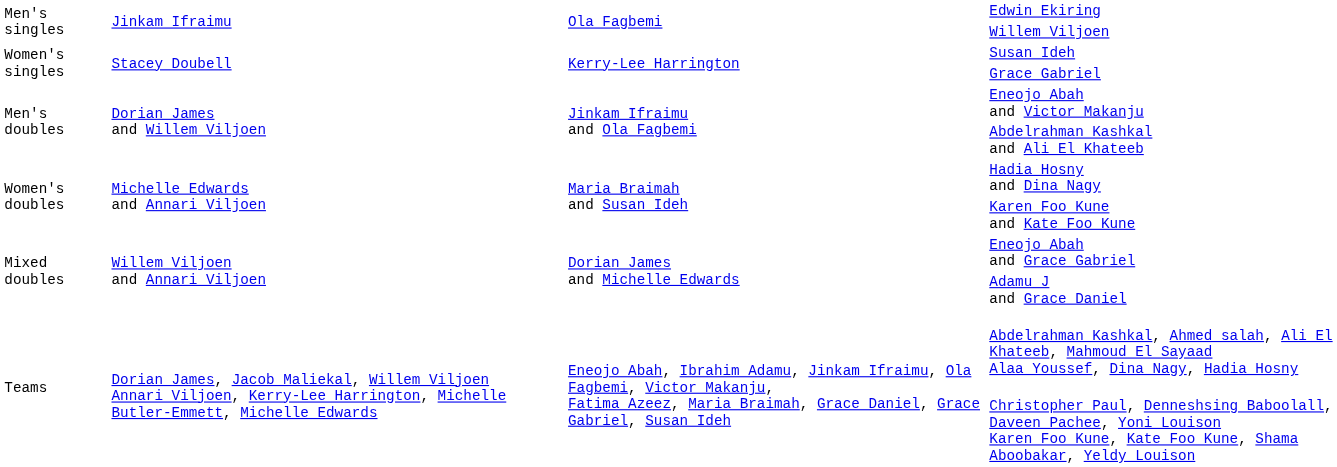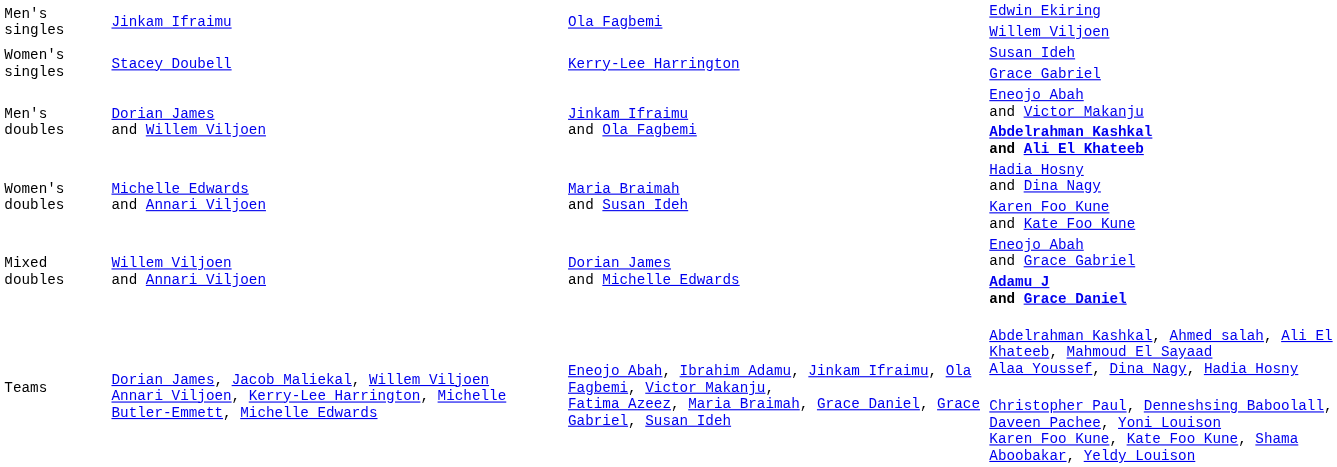 <table>
 <tr>
 <td rowspan=2>Men's singles</td>
 <td rowspan=2> <a href='#'>Jinkam Ifraimu</a></td>
 <td rowspan=2> <a href='#'>Ola Fagbemi</a></td>
 <td> <a href='#'>Edwin Ekiring</a></td>
 </tr>
 <tr>
 <td> <a href='#'>Willem Viljoen</a></td>
 </tr>
 <tr>
 <td rowspan=2>Women's singles</td>
 <td rowspan=2> <a href='#'>Stacey Doubell</a></td>
 <td rowspan=2> <a href='#'>Kerry-Lee Harrington</a></td>
 <td> <a href='#'>Susan Ideh</a></td>
 </tr>
 <tr>
 <td> <a href='#'>Grace Gabriel</a></td>
 </tr>
 <tr>
 <td rowspan=2>Men's doubles</td>
 <td rowspan=2> <a href='#'>Dorian James</a><br>and <a href='#'>Willem Viljoen</a></td>
 <td rowspan=2> <a href='#'>Jinkam Ifraimu</a><br>and <a href='#'>Ola Fagbemi</a></td>
 <td> <a href='#'>Eneojo Abah</a><br>and <a href='#'>Victor Makanju</a></td>
 </tr>
 <tr>
-<td> <a href='#'>Abdelrahman Kashkal</a><br>and <a href='#'>Ali El Khateeb</a></td>
+<td><strong> <a href='#'>Abdelrahman Kashkal</a><br>and <a href='#'>Ali El Khateeb</a></strong></td>
 </tr>
 <tr>
 <td rowspan=2>Women's doubles</td>
 <td rowspan=2> <a href='#'>Michelle Edwards</a><br>and <a href='#'>Annari Viljoen</a></td>
 <td rowspan=2> <a href='#'>Maria Braimah</a><br>and <a href='#'>Susan Ideh</a></td>
 <td> <a href='#'>Hadia Hosny</a><br>and <a href='#'>Dina Nagy</a></td>
 </tr>
 <tr>
 <td> <a href='#'>Karen Foo Kune</a><br>and <a href='#'>Kate Foo Kune</a></td>
 </tr>
 <tr>
 <td rowspan=2>Mixed doubles</td>
 <td rowspan=2> <a href='#'>Willem Viljoen</a><br>and <a href='#'>Annari Viljoen</a></td>
 <td rowspan=2> <a href='#'>Dorian James</a><br>and <a href='#'>Michelle Edwards</a></td>
 <td> <a href='#'>Eneojo Abah</a><br>and <a href='#'>Grace Gabriel</a></td>
 </tr>
 <tr>
-<td> <a href='#'>Adamu J</a><br>and <a href='#'>Grace Daniel</a></td>
+<td><strong> <a href='#'>Adamu J</a><br>and <a href='#'>Grace Daniel</a></strong></td>
 </tr>
 <tr>
 <td rowspan=2>Teams</td>
 <td rowspan=2><br><a href='#'>Dorian James</a>, <a href='#'>Jacob Maliekal</a>, <a href='#'>Willem Viljoen</a><br> <a href='#'>Annari Viljoen</a>, <a href='#'>Kerry-Lee Harrington</a>, <a href='#'>Michelle Butler-Emmett</a>, <a href='#'>Michelle Edwards</a></td>
 <td rowspan=2><br> <a href='#'>Eneojo Abah</a>, <a href='#'>Ibrahim Adamu</a>, <a href='#'>Jinkam Ifraimu</a>, <a href='#'>Ola Fagbemi</a>, <a href='#'>Victor Makanju</a>,<br><a href='#'>Fatima Azeez</a>, <a href='#'>Maria Braimah</a>, <a href='#'>Grace Daniel</a>, <a href='#'>Grace Gabriel</a>, <a href='#'>Susan Ideh</a></td>
 <td><br><a href='#'>Abdelrahman Kashkal</a>, <a href='#'>Ahmed salah</a>, <a href='#'>Ali El Khateeb</a>, <a href='#'>Mahmoud El Sayaad</a><br><a href='#'>Alaa Youssef</a>, <a href='#'>Dina Nagy</a>, <a href='#'>Hadia Hosny</a></td>
 </tr>
 <tr>
 <td><br><a href='#'>Christopher Paul</a>, <a href='#'>Denneshsing Baboolall</a>, <a href='#'>Daveen Pachee</a>, <a href='#'>Yoni Louison</a><br><a href='#'>Karen Foo Kune</a>, <a href='#'>Kate Foo Kune</a>, <a href='#'>Shama Aboobakar</a>, <a href='#'>Yeldy Louison</a></td>
 </tr>
 </table>
